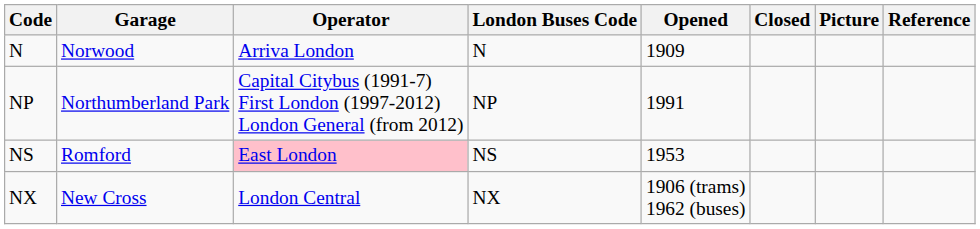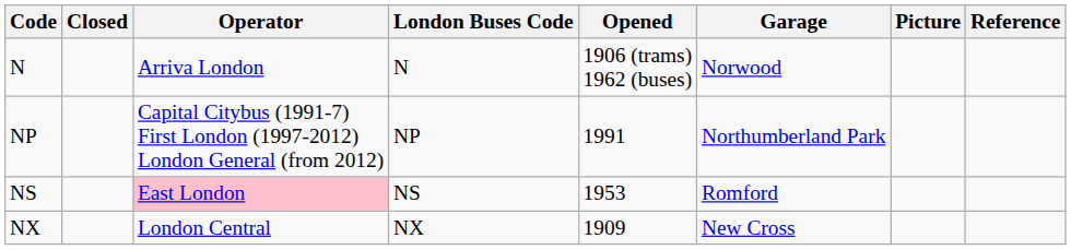 <table class="wikitable">
 <tr>
 <th>Code</th>
-<th>Garage</th>
+<th>Closed</th>
 <th>Operator</th>
 <th>London Buses Code</th>
 <th>Opened</th>
-<th>Closed</th>
+<th>Garage</th>
 <th>Picture</th>
 <th>Reference</th>
 </tr>
 <tr>
 <td>N</td>
-<td><a href='#'>Norwood</a></td>
+<td></td>
 <td><a href='#'>Arriva London</a></td>
 <td>N</td>
-<td>1909</td>
-<td></td>
+<td>1906 (trams)<br>1962 (buses)</td>
+<td><a href='#'>Norwood</a></td>
 <td></td>
 <td></td>
 </tr>
 <tr>
 <td>NP</td>
-<td><a href='#'>Northumberland Park</a></td>
+<td></td>
 <td><a href='#'>Capital Citybus</a> (1991-7)<br><a href='#'>First London</a> (1997-2012)<br><a href='#'>London General</a> (from 2012)</td>
 <td>NP</td>
 <td>1991</td>
-<td></td>
+<td><a href='#'>Northumberland Park</a></td>
 <td></td>
 <td></td>
 </tr>
 <tr>
 <td>NS</td>
-<td><a href='#'>Romford</a></td>
+<td></td>
 <td style="background: pink;"><a href='#'>East London</a></td>
 <td>NS</td>
 <td>1953</td>
-<td></td>
+<td><a href='#'>Romford</a></td>
 <td></td>
 <td></td>
 </tr>
 <tr>
 <td>NX</td>
-<td><a href='#'>New Cross</a></td>
+<td></td>
 <td><a href='#'>London Central</a></td>
 <td>NX</td>
-<td>1906 (trams)<br>1962 (buses)</td>
-<td></td>
+<td>1909</td>
+<td><a href='#'>New Cross</a></td>
 <td></td>
 <td></td>
 </tr>
 </table>
